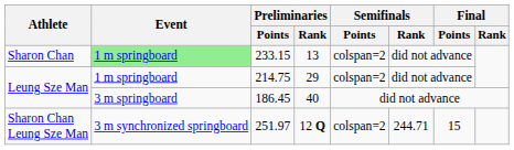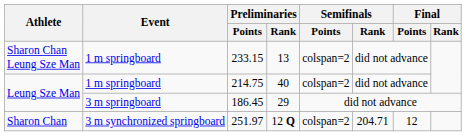 <table class=wikitable style="font-size:90%;">
 <tr>
 <th rowspan="2">Athlete</th>
 <th rowspan="2">Event</th>
 <th colspan="2">Preliminaries</th>
 <th colspan="2">Semifinals</th>
 <th colspan="2">Final</th>
 </tr>
 <tr style="font-size:95%">
 <th>Points</th>
 <th>Rank</th>
 <th>Points</th>
 <th>Rank</th>
 <th>Points</th>
 <th>Rank</th>
 </tr>
 <tr align=center>
-<td align=left><a href='#'>Sharon Chan</a></td>
-<td align=left style="background: lightgreen;"><a href='#'>1 m springboard</a></td>
+<td align=left><a href='#'>Sharon Chan</a><br><a href='#'>Leung Sze Man</a></td>
+<td align=left><a href='#'>1 m springboard</a></td>
 <td>233.15</td>
 <td>13</td>
 <td>colspan=2 </td>
 <td colspan=2>did not advance</td>
 </tr>
 <tr align=center>
 <td align=left rowspan=2><a href='#'>Leung Sze Man</a></td>
 <td align=left><a href='#'>1 m springboard</a></td>
 <td>214.75</td>
-<td>29</td>
+<td>40</td>
 <td>colspan=2 </td>
 <td colspan=2>did not advance</td>
 </tr>
 <tr align=center>
 <td align=left><a href='#'>3 m springboard</a></td>
 <td>186.45</td>
-<td>40</td>
+<td>29</td>
 <td colspan=4>did not advance</td>
 </tr>
 <tr align=center>
-<td align=left><a href='#'>Sharon Chan</a><br><a href='#'>Leung Sze Man</a></td>
+<td align=left><a href='#'>Sharon Chan</a></td>
 <td align=left><a href='#'>3 m synchronized springboard</a></td>
 <td>251.97</td>
 <td>12 <strong>Q</strong></td>
 <td>colspan=2 </td>
-<td>244.71</td>
-<td>15</td>
+<td>204.71</td>
+<td>12</td>
 </tr>
 </table>
